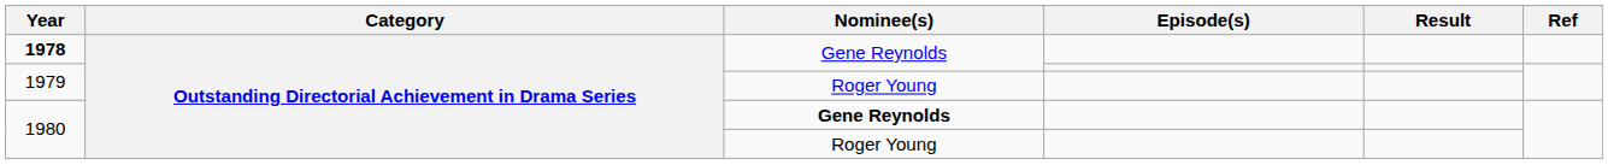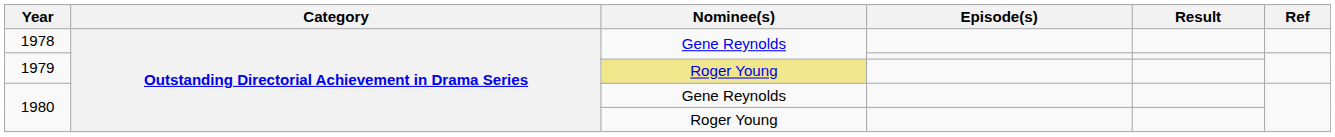 <table class="wikitable plainrowheaders" style="font-size: 90%; text-align:center" width=100%>
 <tr>
 <th scope="col" width="5%">Year</th>
 <th scope="col" width="40%">Category</th>
 <th scope="col" width="20%">Nominee(s)</th>
 <th scope="col" width="20%">Episode(s)</th>
 <th scope="col" width="10%">Result</th>
 <th scope="col" width="5%">Ref</th>
 </tr>
 <tr>
-<td><strong>1978</strong></td>
+<td>1978</td>
 <th scope="row" style="text-align:center" rowspan="5"><a href='#'>Outstanding Directorial Achievement in Drama Series</a></th>
 <td rowspan="2"><a href='#'>Gene Reynolds</a></td>
 <td></td>
 <td></td>
 <td></td>
 </tr>
 <tr>
 <td rowspan="2">1979</td>
 <td></td>
 <td></td>
 <td rowspan="2"></td>
 </tr>
 <tr>
-<td><a href='#'>Roger Young</a></td>
+<td style="background: khaki;"><a href='#'>Roger Young</a></td>
 <td></td>
 <td></td>
 </tr>
 <tr>
 <td rowspan="2">1980</td>
-<td><strong>Gene Reynolds</strong></td>
+<td>Gene Reynolds</td>
 <td></td>
 <td></td>
 <td rowspan="2"></td>
 </tr>
 <tr>
 <td>Roger Young</td>
 <td></td>
 <td></td>
 </tr>
 </table>
